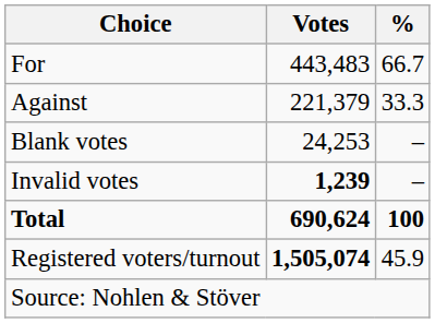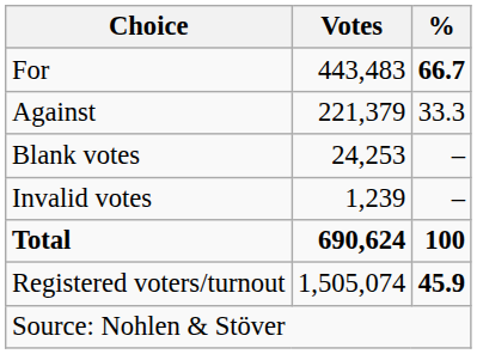 <table class=wikitable style=text-align:right>
 <tr>
 <th>Choice</th>
 <th>Votes</th>
 <th>%</th>
 </tr>
 <tr>
 <td align=left>For</td>
 <td>443,483</td>
-<td>66.7</td>
+<td><strong>66.7</strong></td>
 </tr>
 <tr>
 <td align=left>Against</td>
 <td>221,379</td>
 <td>33.3</td>
 </tr>
 <tr>
 <td align=left>Blank votes</td>
 <td>24,253</td>
 <td>–</td>
 </tr>
 <tr>
 <td align=left>Invalid votes</td>
-<td><strong>1,239</strong></td>
+<td>1,239</td>
 <td>–</td>
 </tr>
 <tr>
 <td align=left><strong>Total</strong></td>
 <td><strong>690,624</strong></td>
 <td><strong>100</strong></td>
 </tr>
 <tr>
 <td align=left>Registered voters/turnout</td>
-<td><strong>1,505,074</strong></td>
-<td>45.9</td>
+<td>1,505,074</td>
+<td><strong>45.9</strong></td>
 </tr>
 <tr>
 <td align=left colspan=3>Source: Nohlen & Stöver</td>
 </tr>
 </table>
